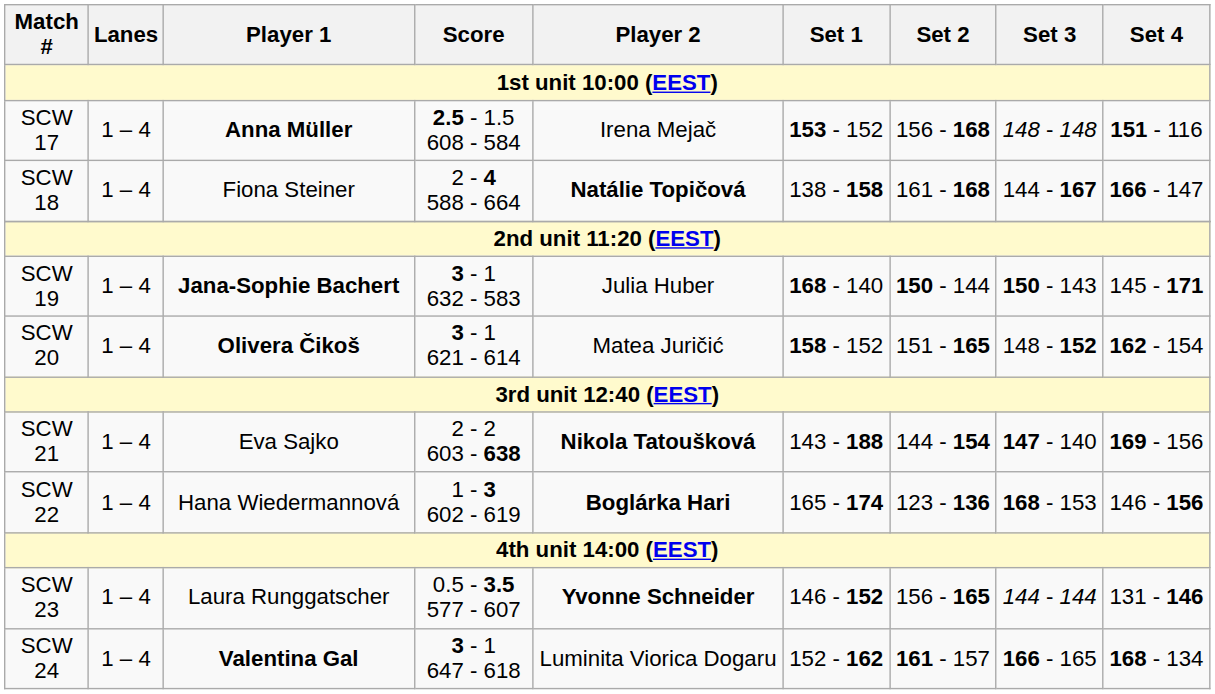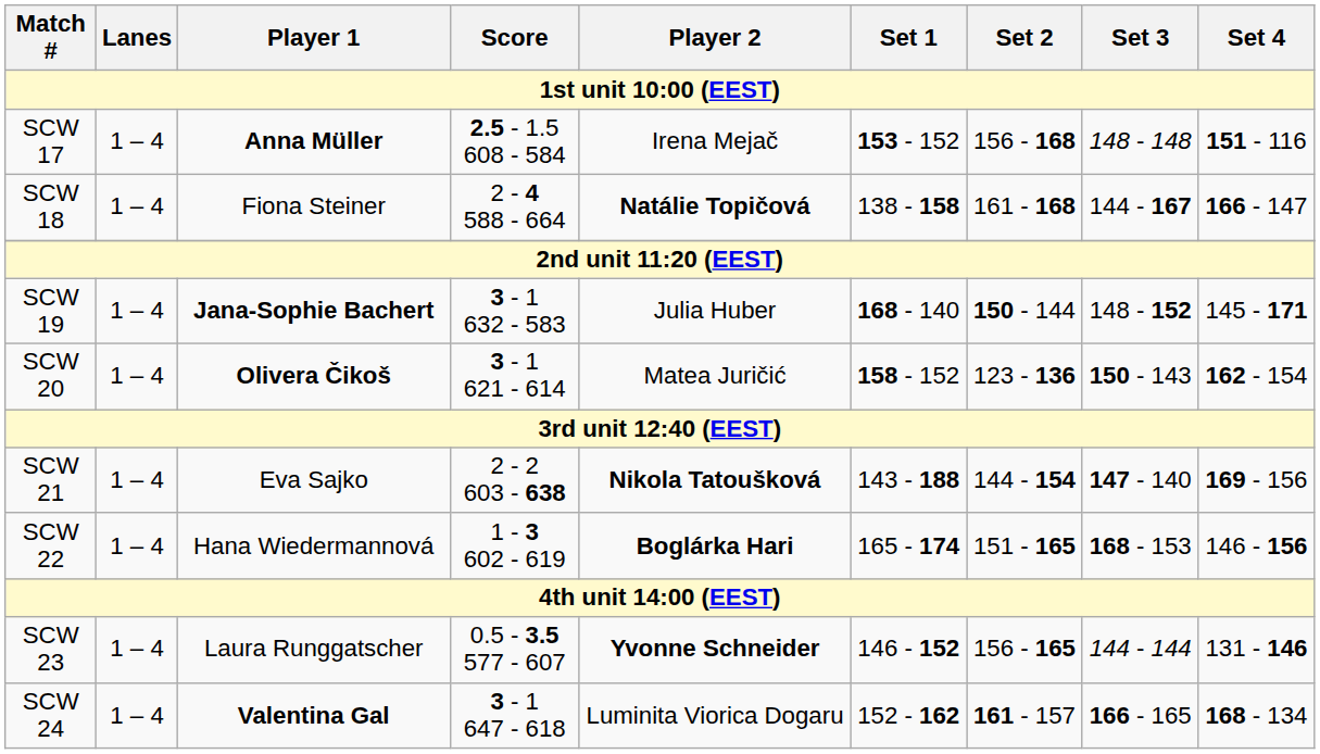 <table class="wikitable">
 <tr>
 <th width="7%">Match #</th>
 <th width="5%">Lanes</th>
 <th width="21%">Player 1</th>
 <th width="10%">Score</th>
 <th width="21%">Player 2</th>
 <th width="9%">Set 1</th>
 <th width="9%">Set 2</th>
 <th width="9%">Set 3</th>
 <th width="9%">Set 4</th>
 </tr>
 <tr>
 <td colspan="9" style="text-align:center; background-color:#FFFACD"><strong>1st unit 10:00 (<a href='#'>EEST</a>)</strong></td>
 </tr>
 <tr style=text-align:center;"background:#;">
 <td>SCW 17</td>
 <td>1 – 4</td>
 <td> <strong>Anna Müller</strong></td>
 <td><strong>2.5</strong> - 1.5 <br> 608 - 584</td>
 <td> Irena Mejač</td>
 <td><strong>153</strong> - 152</td>
 <td>156 - <strong>168</strong></td>
 <td><em>148</em> - <em>148</em></td>
 <td><strong>151</strong> - 116</td>
 </tr>
 <tr style=text-align:center;"background:#;">
 <td>SCW 18</td>
 <td>1 – 4</td>
 <td> Fiona Steiner</td>
 <td>2 - <strong>4</strong> <br> 588 - 664</td>
 <td> <strong>Natálie Topičová</strong></td>
 <td>138 - <strong>158</strong></td>
 <td>161 - <strong>168</strong></td>
 <td>144 - <strong>167</strong></td>
 <td><strong>166</strong> - 147</td>
 </tr>
 <tr style=text-align:center;"background:#;">
 </tr>
 <tr>
 <td colspan="9" style="text-align:center; background-color:#FFFACD"><strong>2nd unit 11:20 (<a href='#'>EEST</a>)</strong></td>
 </tr>
 <tr style=text-align:center;"background:#;">
 <td>SCW 19</td>
 <td>1 – 4</td>
 <td> <strong>Jana-Sophie Bachert</strong></td>
 <td><strong>3</strong> - 1 <br> 632 - 583</td>
 <td> Julia Huber</td>
 <td><strong>168</strong> - 140</td>
 <td><strong>150</strong> - 144</td>
-<td><strong>150</strong> - 143</td>
+<td>148 - <strong>152</strong></td>
 <td>145 - <strong>171</strong></td>
 </tr>
 <tr style=text-align:center;"background:#;">
 <td>SCW 20</td>
 <td>1 – 4</td>
 <td> <strong>Olivera Čikoš</strong></td>
 <td><strong>3</strong> - 1 <br> 621 - 614</td>
 <td> Matea Juričić</td>
 <td><strong>158</strong> - 152</td>
-<td>151 - <strong>165</strong></td>
-<td>148 - <strong>152</strong></td>
+<td>123 - <strong>136</strong></td>
+<td><strong>150</strong> - 143</td>
 <td><strong>162</strong> - 154</td>
 </tr>
 <tr>
 <td colspan="9" style="text-align:center; background-color:#FFFACD"><strong>3rd unit 12:40 (<a href='#'>EEST</a>)</strong></td>
 </tr>
 <tr style=text-align:center;"background:#;">
 <td>SCW 21</td>
 <td>1 – 4</td>
 <td> Eva Sajko</td>
 <td>2 - 2 <br> 603 - <strong>638</strong></td>
 <td> <strong>Nikola Tatoušková</strong></td>
 <td>143 - <strong>188</strong></td>
 <td>144 - <strong>154</strong></td>
 <td><strong>147</strong> - 140</td>
 <td><strong>169</strong> - 156</td>
 </tr>
 <tr style=text-align:center;"background:#;">
 <td>SCW 22</td>
 <td>1 – 4</td>
 <td> Hana Wiedermannová</td>
 <td>1 - <strong>3</strong> <br> 602 - 619</td>
 <td> <strong>Boglárka Hari</strong></td>
 <td>165 - <strong>174</strong></td>
-<td>123 - <strong>136</strong></td>
+<td>151 - <strong>165</strong></td>
 <td><strong>168</strong> - 153</td>
 <td>146 - <strong>156</strong></td>
 </tr>
 <tr>
 <td colspan="9" style="text-align:center; background-color:#FFFACD"><strong>4th unit 14:00 (<a href='#'>EEST</a>)</strong></td>
 </tr>
 <tr style=text-align:center;"background:#;">
 <td>SCW 23</td>
 <td>1 – 4</td>
 <td> Laura Runggatscher</td>
 <td>0.5 - <strong>3.5</strong> <br> 577 - 607</td>
 <td> <strong>Yvonne Schneider</strong></td>
 <td>146 - <strong>152</strong></td>
 <td>156 - <strong>165</strong></td>
 <td><em>144</em> - <em>144</em></td>
 <td>131 - <strong>146</strong></td>
 </tr>
 <tr style=text-align:center;"background:#;">
 <td>SCW 24</td>
 <td>1 – 4</td>
 <td> <strong>Valentina Gal</strong></td>
 <td><strong>3</strong> - 1 <br> 647 - 618</td>
 <td> Luminita Viorica Dogaru</td>
 <td>152 - <strong>162</strong></td>
 <td><strong>161</strong> - 157</td>
 <td><strong>166</strong> - 165</td>
 <td><strong>168</strong> - 134</td>
 </tr>
 </table>
